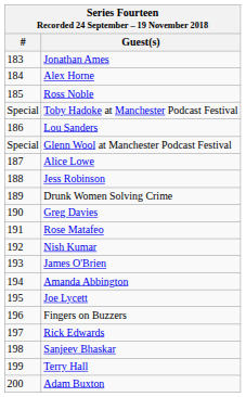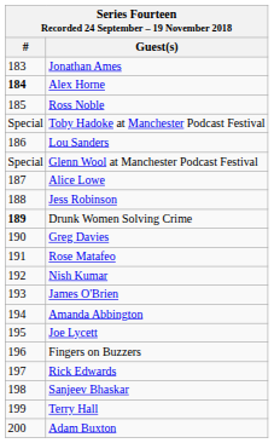 <table class="wikitable">
 <tr>
 <th colspan="3">Series Fourteen<br><small>Recorded 24 September – 19 November 2018</small></th>
 </tr>
 <tr>
 <th>#</th>
 <th>Guest(s)</th>
 </tr>
 <tr>
 <td>183</td>
 <td><a href='#'>Jonathan Ames</a></td>
 </tr>
 <tr>
-<td>184</td>
+<td><strong>184</strong></td>
 <td><a href='#'>Alex Horne</a></td>
 </tr>
 <tr>
 <td>185</td>
 <td><a href='#'>Ross Noble</a></td>
 </tr>
 <tr>
 <td>Special</td>
 <td><a href='#'>Toby Hadoke</a> at <a href='#'>Manchester</a> Podcast Festival</td>
 </tr>
 <tr>
 <td>186</td>
 <td><a href='#'>Lou Sanders</a></td>
 </tr>
 <tr>
 <td>Special</td>
 <td><a href='#'>Glenn Wool</a> at Manchester Podcast Festival</td>
 </tr>
 <tr>
 <td>187</td>
 <td><a href='#'>Alice Lowe</a></td>
 </tr>
 <tr>
 <td>188</td>
 <td><a href='#'>Jess Robinson</a></td>
 </tr>
 <tr>
-<td>189</td>
+<td><strong>189</strong></td>
 <td>Drunk Women Solving Crime</td>
 </tr>
 <tr>
 <td>190</td>
 <td><a href='#'>Greg Davies</a></td>
 </tr>
 <tr>
 <td>191</td>
 <td><a href='#'>Rose Matafeo</a></td>
 </tr>
 <tr>
 <td>192</td>
 <td><a href='#'>Nish Kumar</a></td>
 </tr>
 <tr>
 <td>193</td>
 <td><a href='#'>James O'Brien</a></td>
 </tr>
 <tr>
 <td>194</td>
 <td><a href='#'>Amanda Abbington</a></td>
 </tr>
 <tr>
 <td>195</td>
 <td><a href='#'>Joe Lycett</a></td>
 </tr>
 <tr>
 <td>196</td>
 <td>Fingers on Buzzers</td>
 </tr>
 <tr>
 <td>197</td>
 <td><a href='#'>Rick Edwards</a></td>
 </tr>
 <tr>
 <td>198</td>
 <td><a href='#'>Sanjeev Bhaskar</a></td>
 </tr>
 <tr>
 <td>199</td>
 <td><a href='#'>Terry Hall</a></td>
 </tr>
 <tr>
 <td>200</td>
 <td><a href='#'>Adam Buxton</a></td>
 </tr>
 </table>
